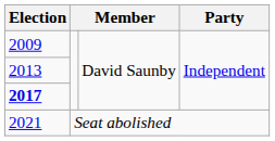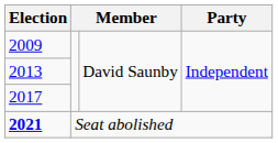 <table class="wikitable">
 <tr>
 <th>Election</th>
 <th colspan="2">Member</th>
 <th>Party</th>
 </tr>
 <tr>
 <td><a href='#'>2009</a></td>
 <td rowspan="3" style="background-color: "></td>
 <td rowspan="3">David Saunby</td>
 <td rowspan="3"><a href='#'>Independent</a></td>
 </tr>
 <tr>
 <td><a href='#'>2013</a></td>
 </tr>
 <tr>
-<td><strong><a href='#'>2017</a></strong></td>
+<td><a href='#'>2017</a></td>
 </tr>
 <tr>
-<td><a href='#'>2021</a></td>
+<td><strong><a href='#'>2021</a></strong></td>
 <td colspan="3"><em>Seat abolished</em></td>
 </tr>
 </table>
